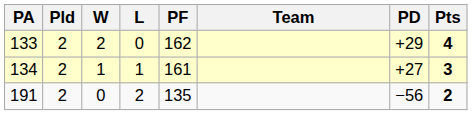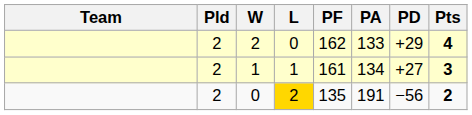 <table class=wikitable style="text-align:center">
 <tr>
-<th width=30>PA</th>
+<th width=180>Team</th>
 <th width=30>Pld</th>
 <th width=30>W</th>
 <th width=30>L</th>
 <th width=30>PF</th>
-<th width=180>Team</th>
+<th width=30>PA</th>
 <th width=30>PD</th>
 <th width=30>Pts</th>
 </tr>
 <tr align=center bgcolor="#ffffcc">
-<td>133</td>
+<td align="left"></td>
 <td>2</td>
 <td>2</td>
 <td>0</td>
 <td>162</td>
-<td align="left"></td>
+<td>133</td>
 <td>+29</td>
 <td><strong>4</strong></td>
 </tr>
 <tr align=center bgcolor="#ffffcc">
-<td>134</td>
+<td align="left"></td>
 <td>2</td>
 <td>1</td>
 <td>1</td>
 <td>161</td>
-<td align="left"></td>
+<td>134</td>
 <td>+27</td>
 <td><strong>3</strong></td>
 </tr>
 <tr>
-<td>191</td>
+<td align="left"></td>
 <td>2</td>
 <td>0</td>
-<td>2</td>
+<td style="background: gold;">2</td>
 <td>135</td>
-<td align="left"></td>
+<td>191</td>
 <td>−56</td>
 <td><strong>2</strong></td>
 </tr>
 </table>
